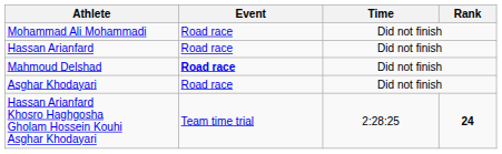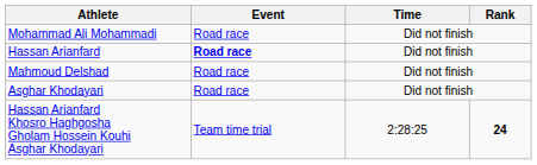 <table class="wikitable" width="50%" style="text-align:center; font-size:90%">
 <tr>
 <th width="30%">Athlete</th>
 <th width="25%">Event</th>
 <th width="20%">Time</th>
 <th width="10%">Rank</th>
 </tr>
 <tr>
 <td align="left"><a href='#'>Mohammad Ali Mohammadi</a></td>
 <td align="left"><a href='#'>Road race</a></td>
 <td colspan="2">Did not finish</td>
 </tr>
 <tr>
 <td align="left"><a href='#'>Hassan Arianfard</a></td>
-<td align="left"><a href='#'>Road race</a></td>
+<td align="left"><strong><a href='#'>Road race</a></strong></td>
 <td colspan="2">Did not finish</td>
 </tr>
 <tr>
 <td align="left"><a href='#'>Mahmoud Delshad</a></td>
-<td align="left"><strong><a href='#'>Road race</a></strong></td>
+<td align="left"><a href='#'>Road race</a></td>
 <td colspan="2">Did not finish</td>
 </tr>
 <tr>
 <td align="left"><a href='#'>Asghar Khodayari</a></td>
 <td align="left"><a href='#'>Road race</a></td>
 <td colspan="2">Did not finish</td>
 </tr>
 <tr>
 <td align="left"><a href='#'>Hassan Arianfard</a><br><a href='#'>Khosro Haghgosha</a><br><a href='#'>Gholam Hossein Kouhi</a><br><a href='#'>Asghar Khodayari</a></td>
 <td align="left"><a href='#'>Team time trial</a></td>
 <td>2:28:25</td>
 <td><strong>24</strong></td>
 </tr>
 </table>
